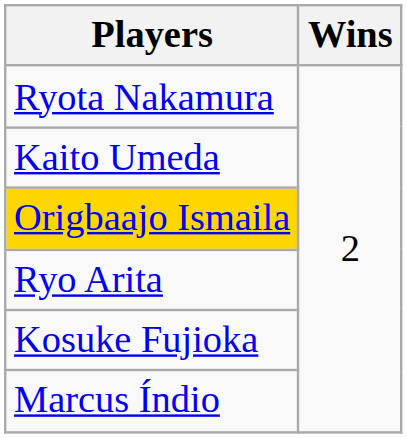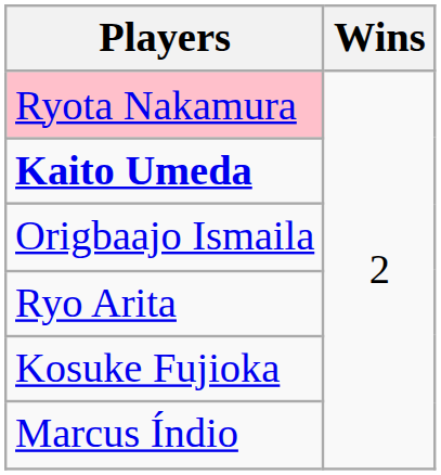 <table class="wikitable plainrowheaders">
 <tr>
 <th scope=col>Players</th>
 <th scope=col>Wins</th>
 </tr>
 <tr>
-<td><a href='#'>Ryota Nakamura</a></td>
+<td style="background: pink;"><a href='#'>Ryota Nakamura</a></td>
 <td rowspan=6 align=center>2</td>
 </tr>
 <tr>
-<td><a href='#'>Kaito Umeda</a></td>
+<td><strong><a href='#'>Kaito Umeda</a></strong></td>
 </tr>
 <tr>
-<td style="background: gold;"><a href='#'>Origbaajo Ismaila</a></td>
+<td><a href='#'>Origbaajo Ismaila</a></td>
 </tr>
 <tr>
 <td><a href='#'>Ryo Arita</a></td>
 </tr>
 <tr>
 <td><a href='#'>Kosuke Fujioka</a></td>
 </tr>
 <tr>
 <td><a href='#'>Marcus Índio</a></td>
 </tr>
 </table>
